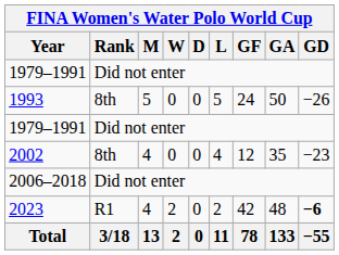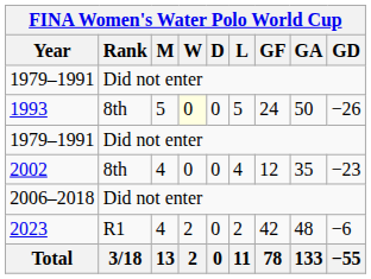 <table class="wikitable">
 <tr>
 <th colspan=10><a href='#'>FINA Women's Water Polo World Cup</a></th>
 </tr>
 <tr>
 <th>Year</th>
 <th>Rank</th>
 <th>M</th>
 <th>W</th>
 <th>D</th>
 <th>L</th>
 <th>GF</th>
 <th>GA</th>
 <th>GD</th>
 </tr>
 <tr>
 <td>1979–1991</td>
 <td colspan=8>Did not enter</td>
 </tr>
 <tr>
 <td><a href='#'>1993</a></td>
 <td>8th</td>
 <td>5</td>
-<td>0</td>
+<td style="background: lightyellow;">0</td>
 <td>0</td>
 <td>5</td>
 <td>24</td>
 <td>50</td>
 <td>−26</td>
 </tr>
 <tr>
 <td>1979–1991</td>
 <td colspan=8>Did not enter</td>
 </tr>
 <tr>
 <td><a href='#'>2002</a></td>
 <td>8th</td>
 <td>4</td>
 <td>0</td>
 <td>0</td>
 <td>4</td>
 <td>12</td>
 <td>35</td>
 <td>−23</td>
 </tr>
 <tr>
 <td>2006–2018</td>
 <td colspan=8>Did not enter</td>
 </tr>
 <tr>
 <td><a href='#'>2023</a></td>
 <td>R1</td>
 <td>4</td>
 <td>2</td>
 <td>0</td>
 <td>2</td>
 <td>42</td>
 <td>48</td>
-<td><strong>−6</strong></td>
+<td>−6</td>
 </tr>
 <tr>
 <th>Total</th>
 <th>3/18</th>
 <th>13</th>
 <th>2</th>
 <th>0</th>
 <th>11</th>
 <th>78</th>
 <th>133</th>
 <th>−55</th>
 </tr>
 </table>
